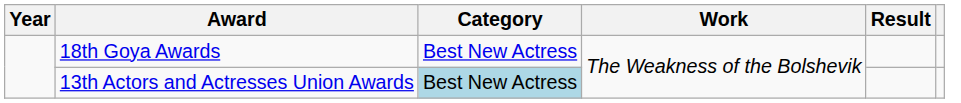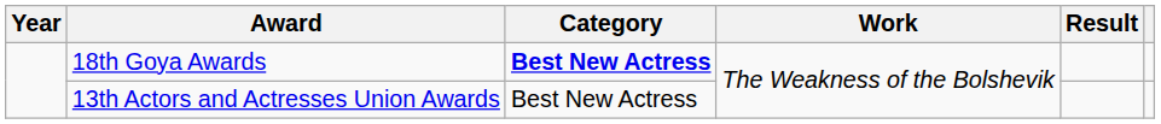 <table class="wikitable sortable plainrowheaders">
 <tr>
 <th>Year</th>
 <th>Award</th>
 <th>Category</th>
 <th>Work</th>
 <th>Result</th>
 <th scope="col" class="unsortable"></th>
 </tr>
 <tr>
 <td rowspan = "2"></td>
 <td><a href='#'>18th Goya Awards</a></td>
-<td><a href='#'>Best New Actress</a></td>
+<td><strong><a href='#'>Best New Actress</a></strong></td>
 <td rowspan = "2"><em>The Weakness of the Bolshevik</em></td>
 <td></td>
 <td></td>
 </tr>
 <tr>
 <td><a href='#'>13th Actors and Actresses Union Awards</a></td>
-<td style="background: lightblue;">Best New Actress</td>
+<td>Best New Actress</td>
 <td></td>
 <td></td>
 </tr>
 </table>
